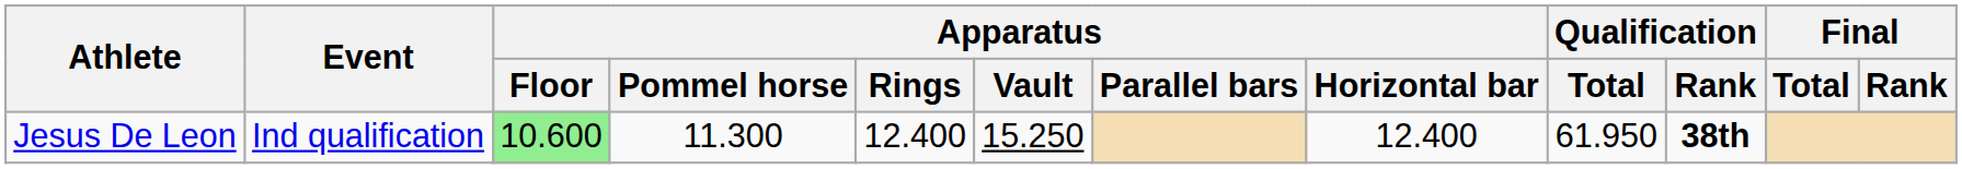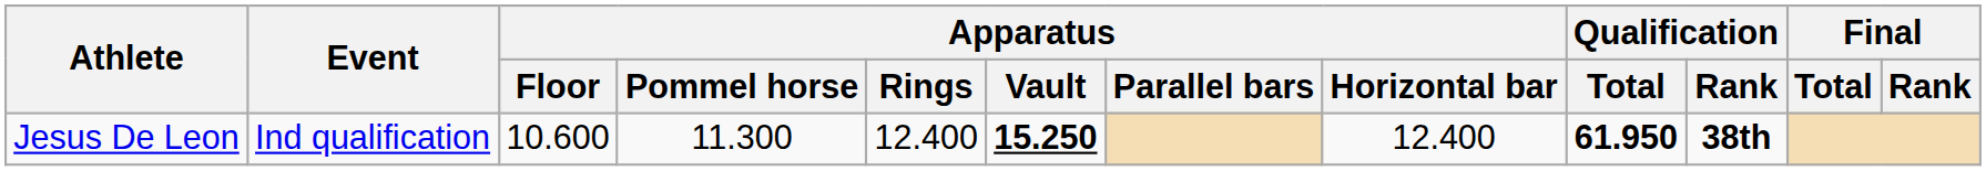 <table class="wikitable" style="font-size:90%">
 <tr>
 <th rowspan="2">Athlete</th>
 <th rowspan="2">Event</th>
 <th colspan = "6">Apparatus</th>
 <th colspan = "2">Qualification</th>
 <th colspan = "2">Final</th>
 </tr>
 <tr>
 <th>Floor</th>
 <th>Pommel horse</th>
 <th>Rings</th>
 <th>Vault</th>
 <th>Parallel bars</th>
 <th>Horizontal bar</th>
 <th>Total</th>
 <th>Rank</th>
 <th>Total</th>
 <th>Rank</th>
 </tr>
 <tr>
 <td><a href='#'>Jesus De Leon</a></td>
 <td><a href='#'>Ind qualification</a></td>
-<td align=center style="background: lightgreen;">10.600</td>
+<td align=center>10.600</td>
 <td align=center>11.300</td>
 <td align=center>12.400</td>
-<td align=center><u>15.250</u></td>
+<td align=center><strong><u>15.250</u></strong></td>
 <td align=center bgcolor=wheat></td>
 <td align=center>12.400</td>
-<td align=center>61.950</td>
+<td align=center><strong>61.950</strong></td>
 <td align=center><strong>38th</strong></td>
 <td align=center bgcolor=wheat colspan=2></td>
 </tr>
 </table>
